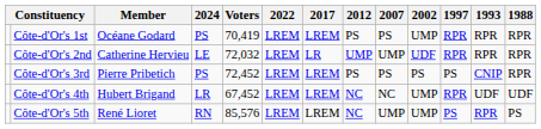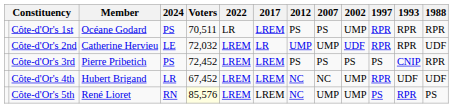 <table class="wikitable sortable">
 <tr>
 <th colspan="2">Constituency</th>
 <th>Member</th>
 <th>2024</th>
 <th>Voters</th>
 <th>2022</th>
 <th>2017</th>
 <th>2012</th>
 <th>2007</th>
 <th>2002</th>
 <th>1997</th>
 <th>1993</th>
 <th>1988</th>
 </tr>
 <tr>
 <td style="background-color: "></td>
 <td><a href='#'>Côte-d'Or's 1st</a></td>
 <td><a href='#'>Océane Godard</a></td>
 <td bgcolor=><a href='#'>PS</a></td>
-<td>70,419</td>
-<td><a href='#'>LREM</a></td>
+<td>70,511</td>
+<td>LR</td>
 <td><a href='#'>LREM</a></td>
 <td bgcolor=>PS</td>
 <td bgcolor=>PS</td>
 <td bgcolor=>UMP</td>
 <td bgcolor=><a href='#'>RPR</a></td>
 <td bgcolor=>RPR</td>
 <td bgcolor=>RPR</td>
 </tr>
 <tr>
 <td style="background-color: "></td>
 <td><a href='#'>Côte-d'Or's 2nd</a></td>
 <td><a href='#'>Catherine Hervieu</a></td>
 <td><a href='#'>LE</a></td>
 <td>72,032</td>
 <td><a href='#'>LREM</a></td>
 <td><a href='#'>LR</a></td>
 <td bgcolor=><a href='#'>UMP</a></td>
 <td bgcolor=>UMP</td>
 <td bgcolor=><a href='#'>UDF</a></td>
 <td bgcolor=><a href='#'>RPR</a></td>
 <td bgcolor=>RPR</td>
-<td bgcolor=>RPR</td>
+<td bgcolor=>UDF</td>
 </tr>
 <tr>
 <td style="background-color: "></td>
 <td><a href='#'>Côte-d'Or's 3rd</a></td>
 <td><a href='#'>Pierre Pribetich</a></td>
 <td bgcolor=><a href='#'>PS</a></td>
 <td>72,452</td>
 <td><a href='#'>LREM</a></td>
 <td><a href='#'>LREM</a></td>
 <td bgcolor=>PS</td>
 <td bgcolor=>PS</td>
 <td bgcolor=>PS</td>
 <td bgcolor=>PS</td>
 <td bgcolor=><a href='#'>CNIP</a></td>
 <td bgcolor=>RPR</td>
 </tr>
 <tr>
 <td style="background-color: "></td>
 <td><a href='#'>Côte-d'Or's 4th</a></td>
 <td><a href='#'>Hubert Brigand</a></td>
 <td><a href='#'>LR</a></td>
 <td>67,452</td>
 <td><a href='#'>LREM</a></td>
 <td><a href='#'>LREM</a></td>
 <td bgcolor=><a href='#'>NC</a></td>
 <td bgcolor=>NC</td>
 <td bgcolor=>UMP</td>
 <td bgcolor=><a href='#'>RPR</a></td>
 <td bgcolor=>UDF</td>
 <td bgcolor=>UDF</td>
 </tr>
 <tr>
 <td style="background-color: "></td>
 <td><a href='#'>Côte-d'Or's 5th</a></td>
 <td><a href='#'>René Lioret</a></td>
 <td><a href='#'>RN</a></td>
-<td>85,576</td>
+<td style="background: lightyellow;">85,576</td>
 <td><a href='#'>LREM</a></td>
 <td>LREM</td>
 <td bgcolor=><a href='#'>NC</a></td>
 <td bgcolor=>UMP</td>
 <td bgcolor=>UMP</td>
 <td bgcolor=><a href='#'>PS</a></td>
 <td bgcolor=><a href='#'>RPR</a></td>
 <td bgcolor=>PS</td>
 </tr>
 </table>
